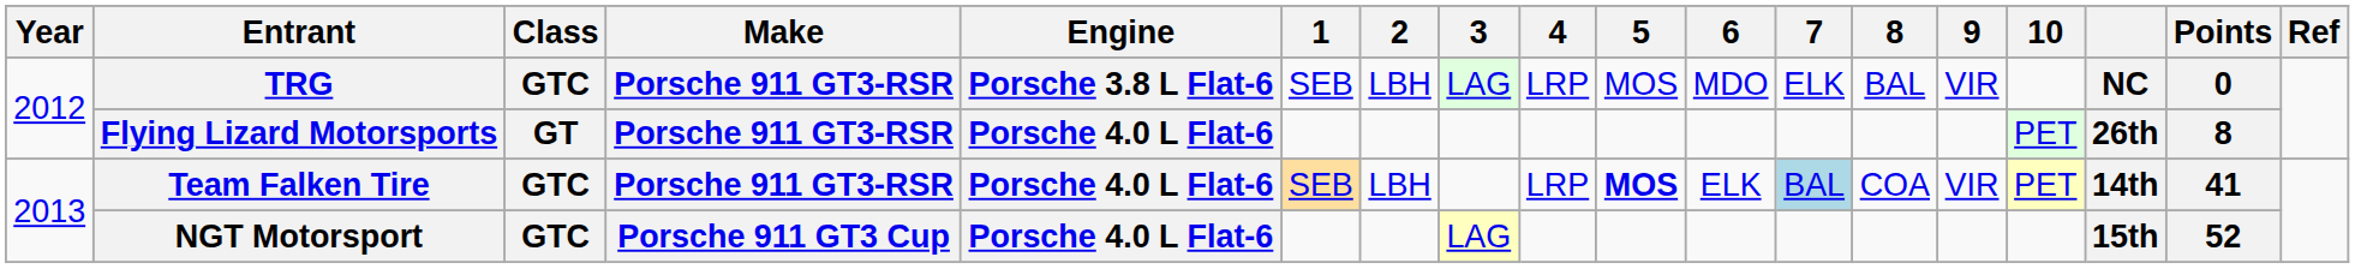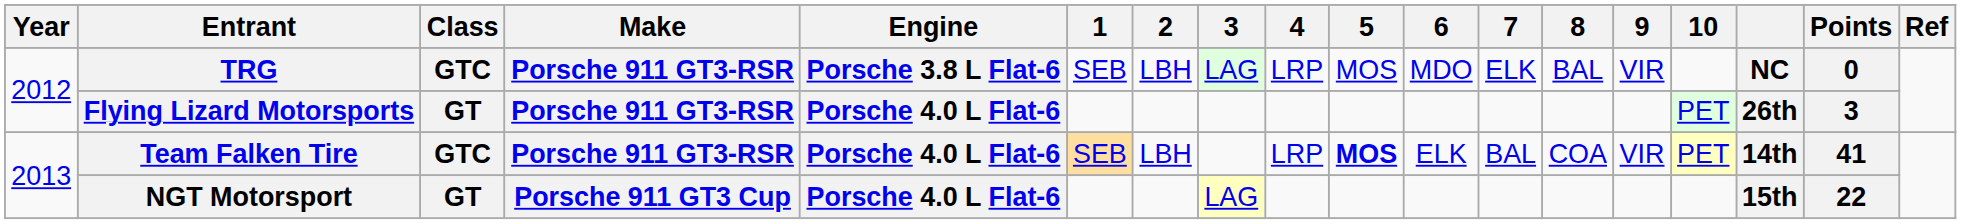 <table class="wikitable" style="text-align:center; font-size:90%">
 <tr>
 <th>Year</th>
 <th>Entrant</th>
 <th>Class</th>
 <th>Make</th>
 <th>Engine</th>
 <th>1</th>
 <th>2</th>
 <th>3</th>
 <th>4</th>
 <th>5</th>
 <th>6</th>
 <th>7</th>
 <th>8</th>
 <th>9</th>
 <th>10</th>
 <th></th>
 <th>Points</th>
 <th>Ref</th>
 </tr>
 <tr>
 <td rowspan="2"><a href='#'>2012</a></td>
 <th><a href='#'>TRG</a></th>
 <th>GTC</th>
 <th><a href='#'>Porsche 911 GT3-RSR</a></th>
 <th><a href='#'>Porsche</a> 3.8 L <a href='#'>Flat-6</a></th>
 <td><a href='#'>SEB</a></td>
 <td><a href='#'>LBH</a></td>
 <td style="background:#DFFFDF;"><a href='#'>LAG</a><br></td>
 <td><a href='#'>LRP</a></td>
 <td><a href='#'>MOS</a></td>
 <td><a href='#'>MDO</a></td>
 <td><a href='#'>ELK</a></td>
 <td><a href='#'>BAL</a></td>
 <td><a href='#'>VIR</a></td>
 <td></td>
 <th>NC</th>
 <th>0</th>
 <td rowspan="2"></td>
 </tr>
 <tr>
 <th><a href='#'>Flying Lizard Motorsports</a></th>
 <th>GT</th>
 <th><a href='#'>Porsche 911 GT3-RSR</a></th>
 <th><a href='#'>Porsche</a> 4.0 L <a href='#'>Flat-6</a></th>
 <td></td>
 <td></td>
 <td></td>
 <td></td>
 <td></td>
 <td></td>
 <td></td>
 <td></td>
 <td></td>
 <td style="background:#DFFFDF;"><a href='#'>PET</a><br></td>
 <th>26th</th>
-<th>8</th>
+<th>3</th>
 </tr>
 <tr>
 <td rowspan="2"><a href='#'>2013</a></td>
 <th><a href='#'>Team Falken Tire</a></th>
 <th>GTC</th>
 <th><a href='#'>Porsche 911 GT3-RSR</a></th>
 <th><a href='#'>Porsche</a> 4.0 L <a href='#'>Flat-6</a></th>
 <td style="background:#FFDF9F;”"><a href='#'>SEB</a><br></td>
 <td><a href='#'>LBH</a></td>
 <td></td>
 <td><a href='#'>LRP</a></td>
 <td><strong><a href='#'>MOS</a></strong></td>
 <td><a href='#'>ELK</a></td>
-<td style="background: lightblue;"><a href='#'>BAL</a></td>
+<td><a href='#'>BAL</a></td>
 <td><a href='#'>COA</a></td>
 <td><a href='#'>VIR</a></td>
 <td style="background:#FFFFBF;”"><a href='#'>PET</a><br></td>
 <th>14th</th>
 <th>41</th>
 <td rowspan="2"></td>
 </tr>
 <tr>
 <th>NGT Motorsport</th>
-<th>GTC</th>
+<th>GT</th>
 <th><a href='#'>Porsche 911 GT3 Cup</a></th>
 <th><a href='#'>Porsche</a> 4.0 L <a href='#'>Flat-6</a></th>
 <td></td>
 <td></td>
 <td style="background:#FFFFBF;”"><a href='#'>LAG</a><br></td>
 <td></td>
 <td></td>
 <td></td>
 <td></td>
 <td></td>
 <td></td>
 <td></td>
 <th>15th</th>
-<th>52</th>
+<th>22</th>
 </tr>
 </table>
